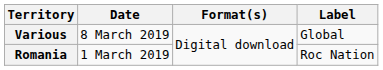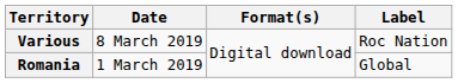 <table class="wikitable plainrowheaders">
 <tr>
 <th scope="col">Territory</th>
 <th scope="col">Date</th>
 <th scope="col">Format(s)</th>
 <th scope="col">Label</th>
 </tr>
 <tr>
 <th scope="row">Various</th>
 <td>8 March 2019</td>
 <td rowspan="2">Digital download</td>
-<td>Global</td>
+<td>Roc Nation</td>
 </tr>
 <tr>
 <th scope="row">Romania</th>
 <td>1 March 2019</td>
-<td>Roc Nation</td>
+<td>Global</td>
 </tr>
 </table>
